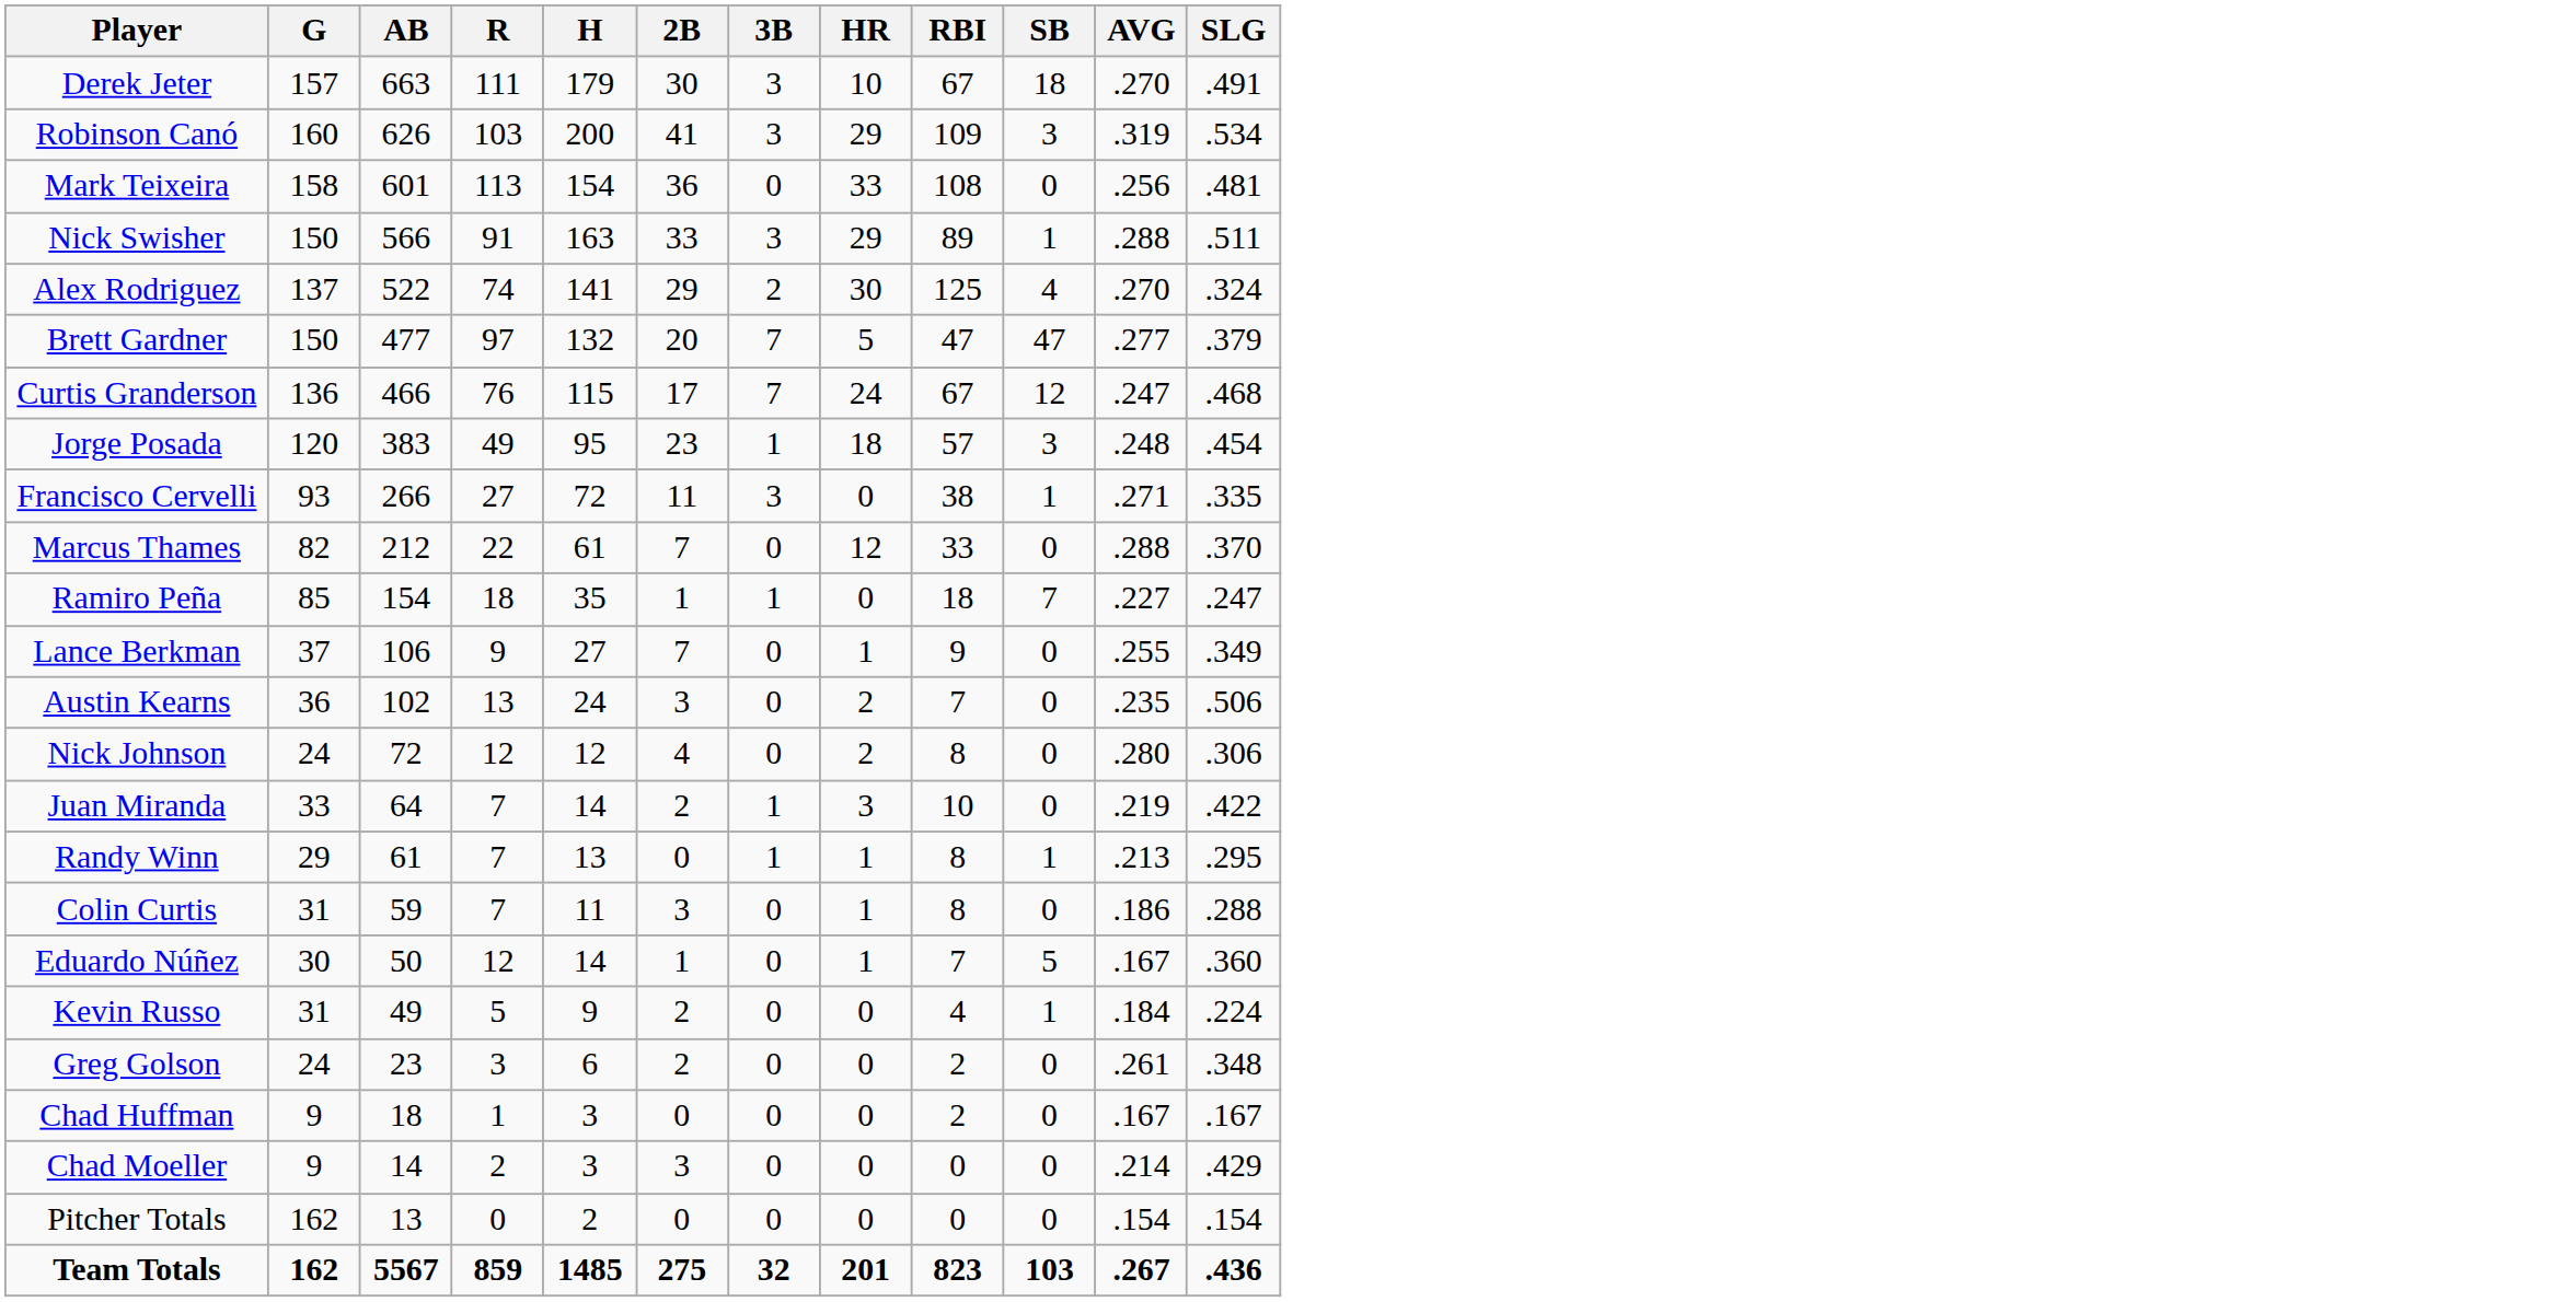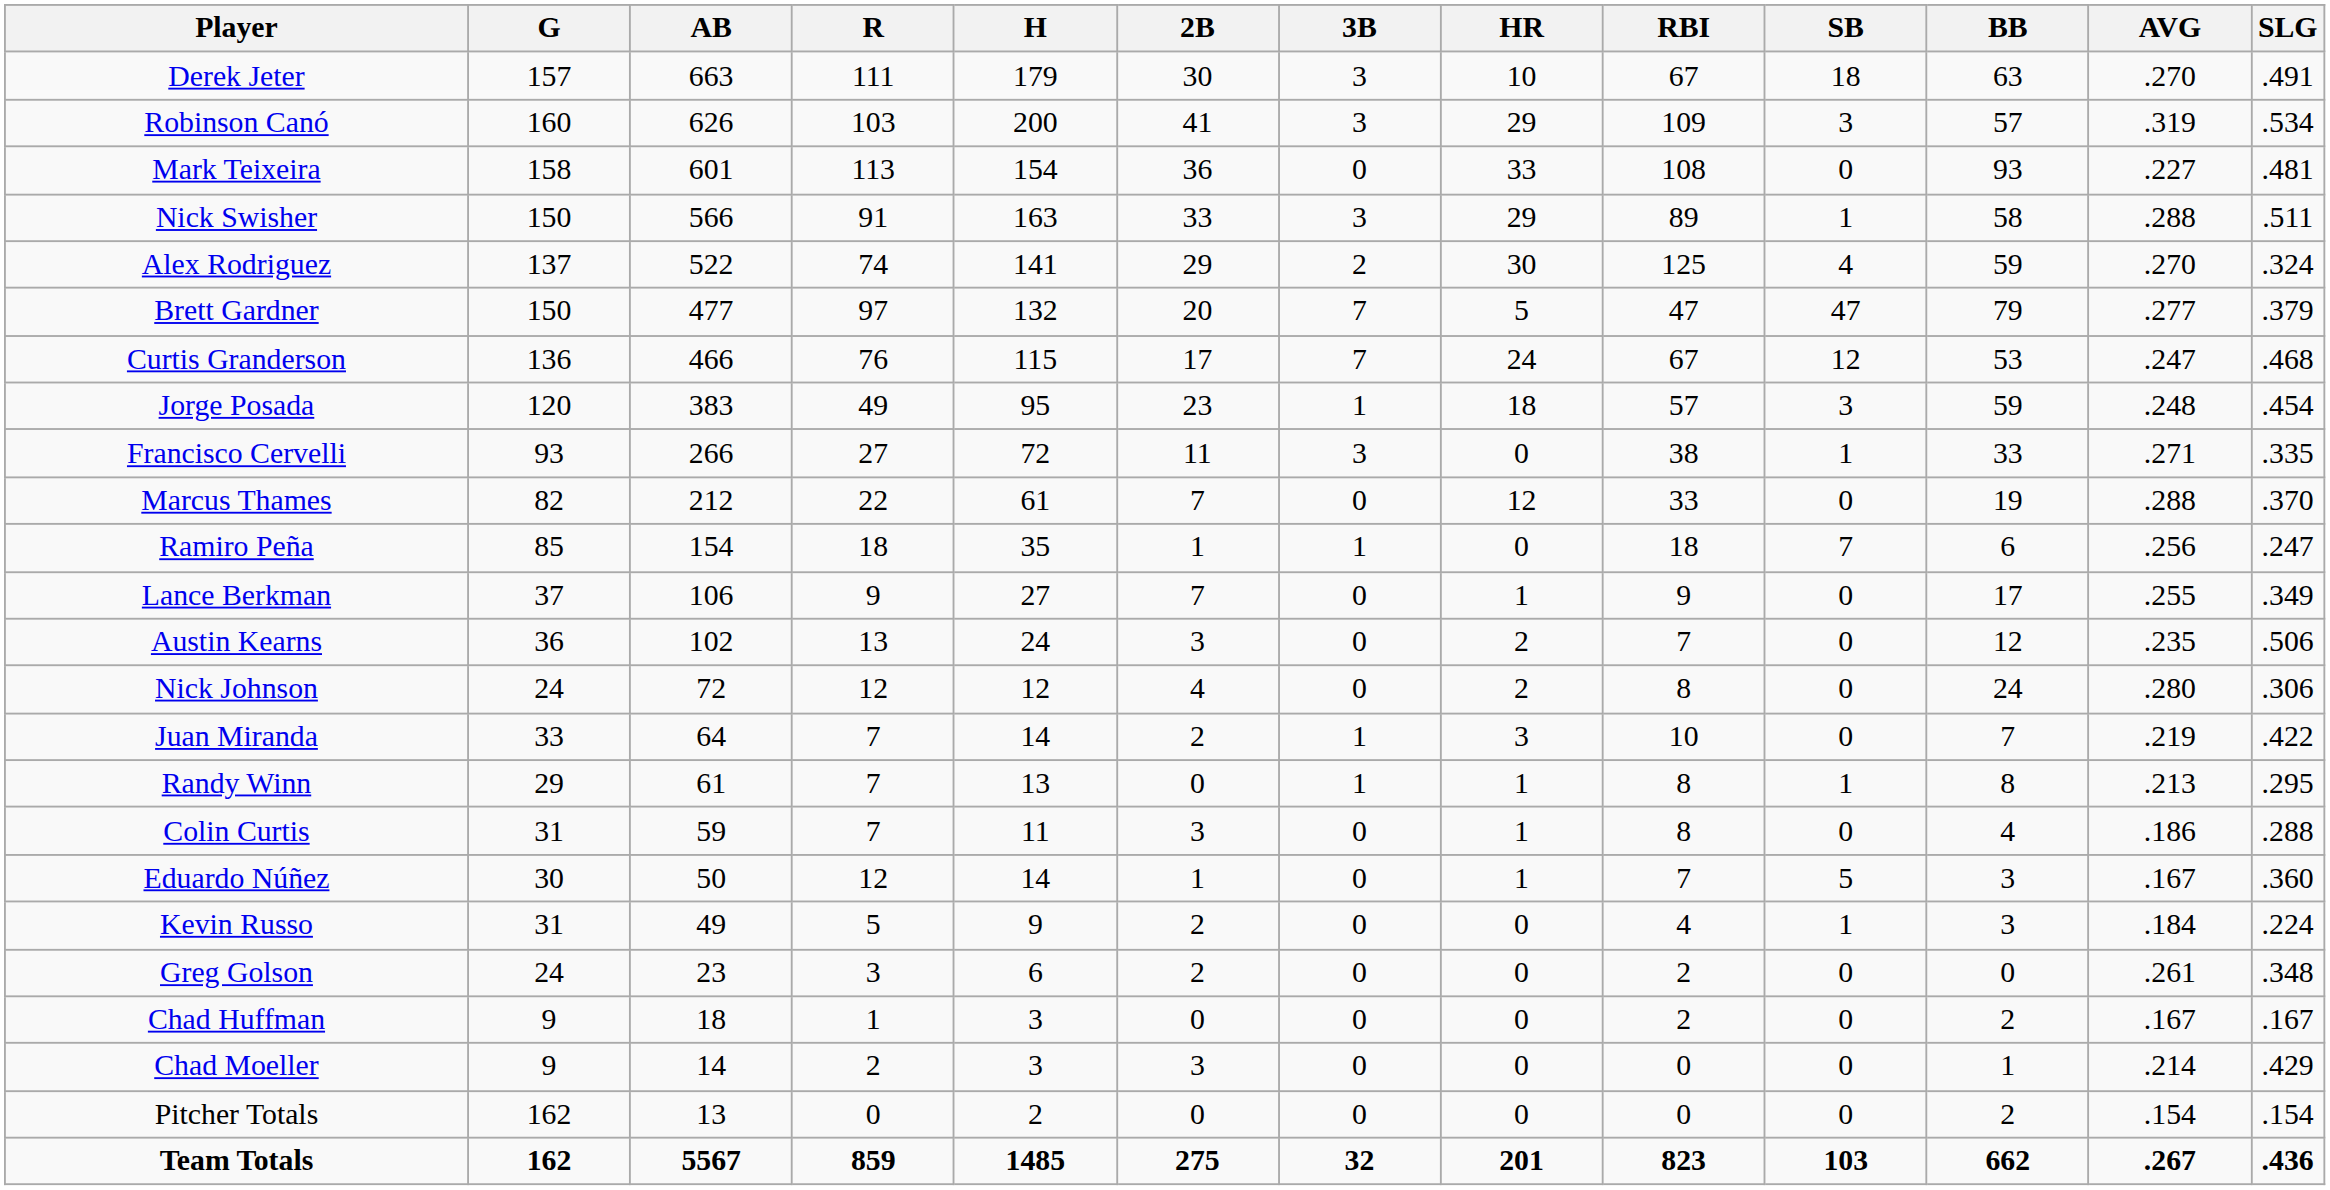 <table class=wikitable style="text-align:center">
 <tr>
 <th bgcolor=#DDDDFF; width="20%">Player</th>
 <th bgcolor=#DDDDFF; width="7%">G</th>
 <th bgcolor=#DDDDFF; width="7%">AB</th>
 <th bgcolor=#DDDDFF; width="7%">R</th>
 <th bgcolor=#DDDDFF; width="7%">H</th>
 <th bgcolor=#DDDDFF; width="7%">2B</th>
 <th bgcolor=#DDDDFF; width="7%">3B</th>
 <th bgcolor=#DDDDFF; width="7%">HR</th>
 <th bgcolor=#DDDDFF; width="7%">RBI</th>
 <th bgcolor=#DDDDFF; width="7%">SB</th>
+<th bgcolor=#DDDDFF; width="7%">BB</th>
 <th bgcolor=#DDDDFF; width="7%">AVG</th>
 <th bgcolor=#DDDDFF; width="7%">SLG</th>
 </tr>
 <tr>
 <td><a href='#'>Derek Jeter</a></td>
 <td>157</td>
 <td>663</td>
 <td>111</td>
 <td>179</td>
 <td>30</td>
 <td>3</td>
 <td>10</td>
 <td>67</td>
 <td>18</td>
+<td>63</td>
 <td>.270</td>
 <td>.491</td>
 </tr>
 <tr>
 <td><a href='#'>Robinson Canó</a></td>
 <td>160</td>
 <td>626</td>
 <td>103</td>
 <td>200</td>
 <td>41</td>
 <td>3</td>
 <td>29</td>
 <td>109</td>
 <td>3</td>
+<td>57</td>
 <td>.319</td>
 <td>.534</td>
 </tr>
 <tr>
 <td><a href='#'>Mark Teixeira</a></td>
 <td>158</td>
 <td>601</td>
 <td>113</td>
 <td>154</td>
 <td>36</td>
 <td>0</td>
 <td>33</td>
 <td>108</td>
 <td>0</td>
-<td>.256</td>
+<td>93</td>
+<td>.227</td>
 <td>.481</td>
 </tr>
 <tr>
 <td><a href='#'>Nick Swisher</a></td>
 <td>150</td>
 <td>566</td>
 <td>91</td>
 <td>163</td>
 <td>33</td>
 <td>3</td>
 <td>29</td>
 <td>89</td>
 <td>1</td>
+<td>58</td>
 <td>.288</td>
 <td>.511</td>
 </tr>
 <tr>
 <td><a href='#'>Alex Rodriguez</a></td>
 <td>137</td>
 <td>522</td>
 <td>74</td>
 <td>141</td>
 <td>29</td>
 <td>2</td>
 <td>30</td>
 <td>125</td>
 <td>4</td>
+<td>59</td>
 <td>.270</td>
 <td>.324</td>
 </tr>
 <tr>
 <td><a href='#'>Brett Gardner</a></td>
 <td>150</td>
 <td>477</td>
 <td>97</td>
 <td>132</td>
 <td>20</td>
 <td>7</td>
 <td>5</td>
 <td>47</td>
 <td>47</td>
+<td>79</td>
 <td>.277</td>
 <td>.379</td>
 </tr>
 <tr>
 <td><a href='#'>Curtis Granderson</a></td>
 <td>136</td>
 <td>466</td>
 <td>76</td>
 <td>115</td>
 <td>17</td>
 <td>7</td>
 <td>24</td>
 <td>67</td>
 <td>12</td>
+<td>53</td>
 <td>.247</td>
 <td>.468</td>
 </tr>
 <tr>
 <td><a href='#'>Jorge Posada</a></td>
 <td>120</td>
 <td>383</td>
 <td>49</td>
 <td>95</td>
 <td>23</td>
 <td>1</td>
 <td>18</td>
 <td>57</td>
 <td>3</td>
+<td>59</td>
 <td>.248</td>
 <td>.454</td>
 </tr>
 <tr>
 <td><a href='#'>Francisco Cervelli</a></td>
 <td>93</td>
 <td>266</td>
 <td>27</td>
 <td>72</td>
 <td>11</td>
 <td>3</td>
 <td>0</td>
 <td>38</td>
 <td>1</td>
+<td>33</td>
 <td>.271</td>
 <td>.335</td>
 </tr>
 <tr>
 <td><a href='#'>Marcus Thames</a></td>
 <td>82</td>
 <td>212</td>
 <td>22</td>
 <td>61</td>
 <td>7</td>
 <td>0</td>
 <td>12</td>
 <td>33</td>
 <td>0</td>
+<td>19</td>
 <td>.288</td>
 <td>.370</td>
 </tr>
 <tr>
 <td><a href='#'>Ramiro Peña</a></td>
 <td>85</td>
 <td>154</td>
 <td>18</td>
 <td>35</td>
 <td>1</td>
 <td>1</td>
 <td>0</td>
 <td>18</td>
 <td>7</td>
-<td>.227</td>
+<td>6</td>
+<td>.256</td>
 <td>.247</td>
 </tr>
 <tr>
 <td><a href='#'>Lance Berkman</a></td>
 <td>37</td>
 <td>106</td>
 <td>9</td>
 <td>27</td>
 <td>7</td>
 <td>0</td>
 <td>1</td>
 <td>9</td>
 <td>0</td>
+<td>17</td>
 <td>.255</td>
 <td>.349</td>
 </tr>
 <tr>
 <td><a href='#'>Austin Kearns</a></td>
 <td>36</td>
 <td>102</td>
 <td>13</td>
 <td>24</td>
 <td>3</td>
 <td>0</td>
 <td>2</td>
 <td>7</td>
 <td>0</td>
+<td>12</td>
 <td>.235</td>
 <td>.506</td>
 </tr>
 <tr>
 <td><a href='#'>Nick Johnson</a></td>
 <td>24</td>
 <td>72</td>
 <td>12</td>
 <td>12</td>
 <td>4</td>
 <td>0</td>
 <td>2</td>
 <td>8</td>
 <td>0</td>
+<td>24</td>
 <td>.280</td>
 <td>.306</td>
 </tr>
 <tr>
 <td><a href='#'>Juan Miranda</a></td>
 <td>33</td>
 <td>64</td>
 <td>7</td>
 <td>14</td>
 <td>2</td>
 <td>1</td>
 <td>3</td>
 <td>10</td>
 <td>0</td>
+<td>7</td>
 <td>.219</td>
 <td>.422</td>
 </tr>
 <tr>
 <td><a href='#'>Randy Winn</a></td>
 <td>29</td>
 <td>61</td>
 <td>7</td>
 <td>13</td>
 <td>0</td>
 <td>1</td>
 <td>1</td>
 <td>8</td>
 <td>1</td>
+<td>8</td>
 <td>.213</td>
 <td>.295</td>
 </tr>
 <tr>
 <td><a href='#'>Colin Curtis</a></td>
 <td>31</td>
 <td>59</td>
 <td>7</td>
 <td>11</td>
 <td>3</td>
 <td>0</td>
 <td>1</td>
 <td>8</td>
 <td>0</td>
+<td>4</td>
 <td>.186</td>
 <td>.288</td>
 </tr>
 <tr>
 <td><a href='#'>Eduardo Núñez</a></td>
 <td>30</td>
 <td>50</td>
 <td>12</td>
 <td>14</td>
 <td>1</td>
 <td>0</td>
 <td>1</td>
 <td>7</td>
 <td>5</td>
+<td>3</td>
 <td>.167</td>
 <td>.360</td>
 </tr>
 <tr>
 <td><a href='#'>Kevin Russo</a></td>
 <td>31</td>
 <td>49</td>
 <td>5</td>
 <td>9</td>
 <td>2</td>
 <td>0</td>
 <td>0</td>
 <td>4</td>
 <td>1</td>
+<td>3</td>
 <td>.184</td>
 <td>.224</td>
 </tr>
 <tr>
 <td><a href='#'>Greg Golson</a></td>
 <td>24</td>
 <td>23</td>
 <td>3</td>
 <td>6</td>
 <td>2</td>
 <td>0</td>
 <td>0</td>
 <td>2</td>
+<td>0</td>
 <td>0</td>
 <td>.261</td>
 <td>.348</td>
 </tr>
 <tr>
 <td><a href='#'>Chad Huffman</a></td>
 <td>9</td>
 <td>18</td>
 <td>1</td>
 <td>3</td>
 <td>0</td>
 <td>0</td>
 <td>0</td>
 <td>2</td>
 <td>0</td>
+<td>2</td>
 <td>.167</td>
 <td>.167</td>
 </tr>
 <tr>
 <td><a href='#'>Chad Moeller</a></td>
 <td>9</td>
 <td>14</td>
 <td>2</td>
 <td>3</td>
 <td>3</td>
 <td>0</td>
 <td>0</td>
 <td>0</td>
 <td>0</td>
+<td>1</td>
 <td>.214</td>
 <td>.429</td>
 </tr>
 <tr>
 <td>Pitcher Totals</td>
 <td>162</td>
 <td>13</td>
 <td>0</td>
 <td>2</td>
 <td>0</td>
 <td>0</td>
 <td>0</td>
 <td>0</td>
 <td>0</td>
+<td>2</td>
 <td>.154</td>
 <td>.154</td>
 </tr>
 <tr>
 <td><strong>Team Totals</strong></td>
 <td><strong>162</strong></td>
 <td><strong>5567</strong></td>
 <td><strong>859</strong></td>
 <td><strong>1485</strong></td>
 <td><strong>275</strong></td>
 <td><strong>32</strong></td>
 <td><strong>201</strong></td>
 <td><strong>823</strong></td>
 <td><strong>103</strong></td>
+<td><strong>662</strong></td>
 <td><strong>.267</strong></td>
 <td><strong>.436</strong></td>
 </tr>
 </table>
